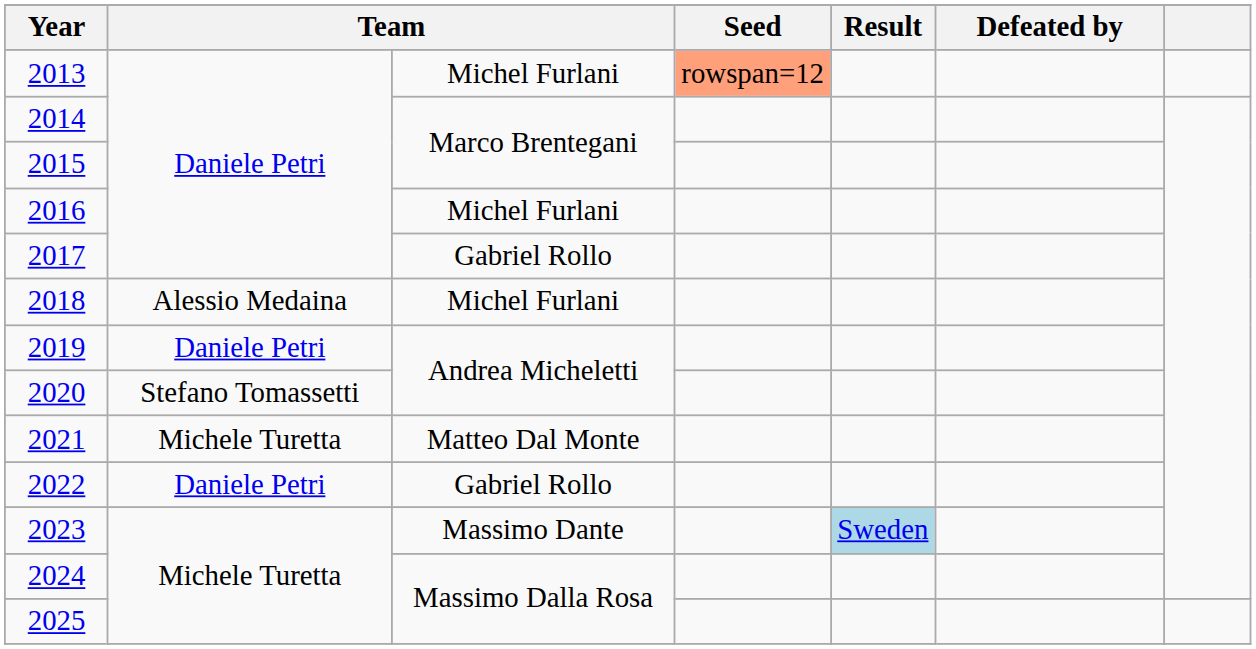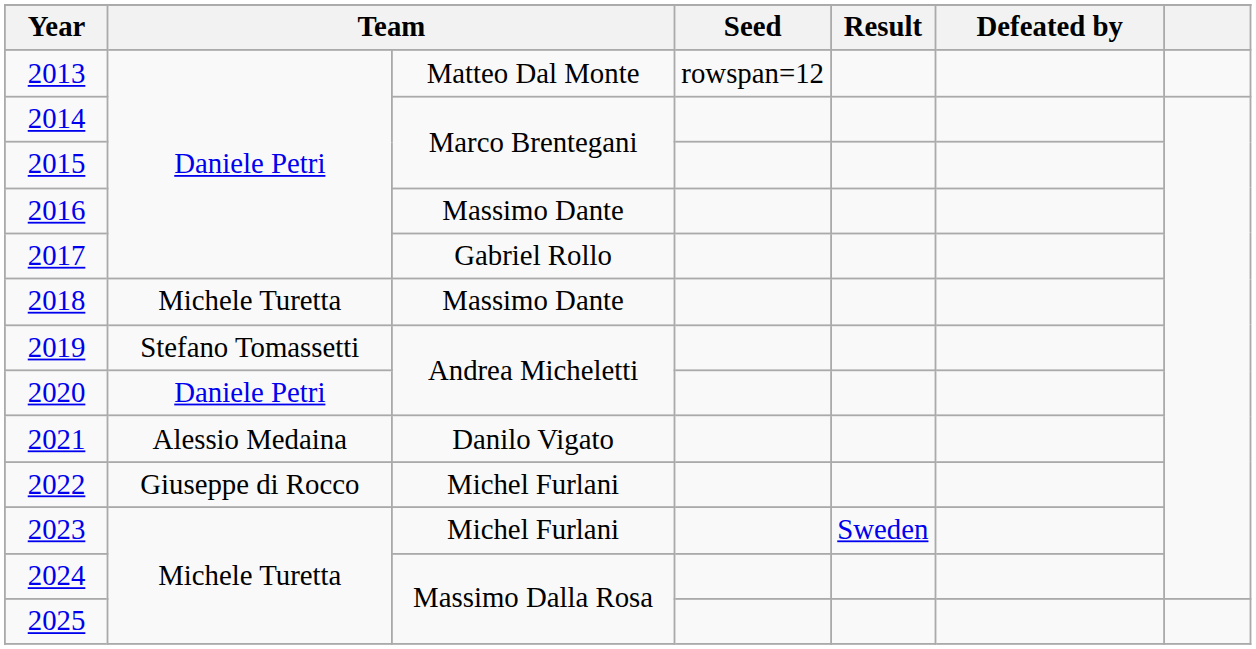 <table class="wikitable" style="text-align: center;">
 <tr style= "background: #e2e2e2;">
 </tr>
 <tr style="background: #efefef;">
 <th width=50px>Year</th>
 <th colspan="2">Team</th>
 <th width=50px>Seed</th>
 <th width=50px>Result</th>
 <th width=120px>Defeated by</th>
 <th width=40px></th>
 </tr>
 <tr>
 <td><a href='#'>2013</a></td>
 <td rowspan=5 width=150px><a href='#'>Daniele Petri</a></td>
-<td>Michel Furlani</td>
-<td style="background: lightsalmon;">rowspan=12 </td>
+<td width=150px>Matteo Dal Monte</td>
+<td>rowspan=12 </td>
 <td></td>
 <td> <br> </td>
 <td></td>
 </tr>
 <tr>
 <td><a href='#'>2014</a></td>
 <td rowspan=2>Marco Brentegani</td>
 <td></td>
 <td> </td>
 <td></td>
 </tr>
 <tr>
 <td><a href='#'>2015</a></td>
 <td></td>
 <td> </td>
 <td></td>
 </tr>
 <tr>
 <td><a href='#'>2016</a></td>
-<td>Michel Furlani</td>
+<td>Massimo Dante</td>
 <td></td>
 <td> </td>
 <td></td>
 </tr>
 <tr>
 <td><a href='#'>2017</a></td>
 <td>Gabriel Rollo</td>
 <td></td>
 <td> </td>
 <td></td>
 </tr>
 <tr>
 <td><a href='#'>2018</a></td>
-<td>Alessio Medaina</td>
-<td>Michel Furlani</td>
+<td>Michele Turetta</td>
+<td>Massimo Dante</td>
 <td></td>
 <td> </td>
 <td></td>
 </tr>
 <tr>
 <td><a href='#'>2019</a></td>
-<td><a href='#'>Daniele Petri</a></td>
+<td>Stefano Tomassetti</td>
 <td rowspan=2>Andrea Micheletti</td>
 <td></td>
 <td> </td>
 <td></td>
 </tr>
 <tr>
 <td><a href='#'>2020</a></td>
-<td>Stefano Tomassetti</td>
+<td><a href='#'>Daniele Petri</a></td>
 <td></td>
 <td> </td>
 <td></td>
 </tr>
 <tr>
 <td><a href='#'>2021</a></td>
-<td>Michele Turetta</td>
-<td width=150px>Matteo Dal Monte</td>
+<td>Alessio Medaina</td>
+<td>Danilo Vigato</td>
 <td></td>
 <td> </td>
 <td></td>
 </tr>
 <tr>
 <td><a href='#'>2022</a></td>
-<td><a href='#'>Daniele Petri</a></td>
-<td>Gabriel Rollo</td>
+<td>Giuseppe di Rocco</td>
+<td>Michel Furlani</td>
 <td></td>
 <td> </td>
 <td></td>
 </tr>
 <tr>
 <td><a href='#'>2023</a></td>
 <td rowspan=3>Michele Turetta</td>
-<td>Massimo Dante</td>
+<td>Michel Furlani</td>
 <td></td>
-<td style="background: lightblue;"> <a href='#'>Sweden</a></td>
+<td> <a href='#'>Sweden</a></td>
 <td></td>
 </tr>
 <tr>
 <td><a href='#'>2024</a></td>
 <td rowspan=2>Massimo Dalla Rosa</td>
 <td></td>
 <td> </td>
 <td></td>
 </tr>
 <tr>
 <td><a href='#'>2025</a></td>
 <td></td>
 <td></td>
 <td></td>
 <td></td>
 </tr>
 </table>
